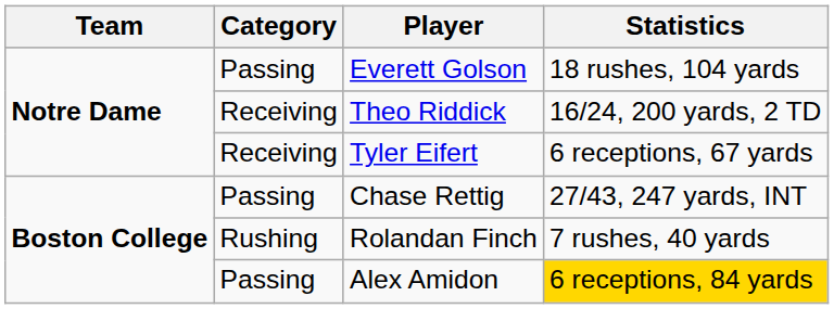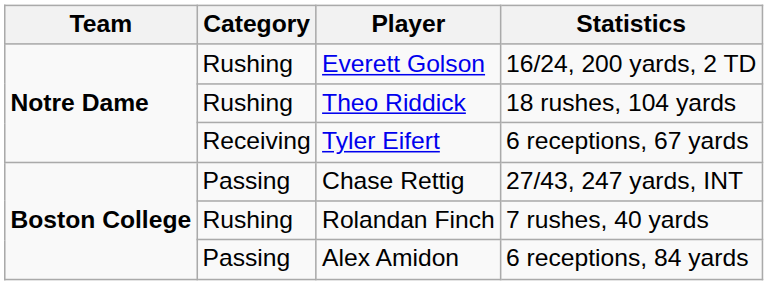 <table class="wikitable" style="float: left;">
 <tr>
 <th>Team</th>
 <th>Category</th>
 <th>Player</th>
 <th>Statistics</th>
 </tr>
 <tr>
 <td rowspan=3><strong>Notre Dame</strong></td>
-<td>Passing</td>
+<td>Rushing</td>
 <td><a href='#'>Everett Golson</a></td>
-<td>18 rushes, 104 yards</td>
+<td>16/24, 200 yards, 2 TD</td>
 </tr>
 <tr>
-<td>Receiving</td>
+<td>Rushing</td>
 <td><a href='#'>Theo Riddick</a></td>
-<td>16/24, 200 yards, 2 TD</td>
+<td>18 rushes, 104 yards</td>
 </tr>
 <tr>
 <td>Receiving</td>
 <td><a href='#'>Tyler Eifert</a></td>
 <td>6 receptions, 67 yards</td>
 </tr>
 <tr>
 <td rowspan=3><strong>Boston College</strong></td>
 <td>Passing</td>
 <td>Chase Rettig</td>
 <td>27/43, 247 yards, INT</td>
 </tr>
 <tr>
 <td>Rushing</td>
 <td>Rolandan Finch</td>
 <td>7 rushes, 40 yards</td>
 </tr>
 <tr>
 <td>Passing</td>
 <td>Alex Amidon</td>
-<td style="background: gold;">6 receptions, 84 yards</td>
+<td>6 receptions, 84 yards</td>
 </tr>
 </table>
